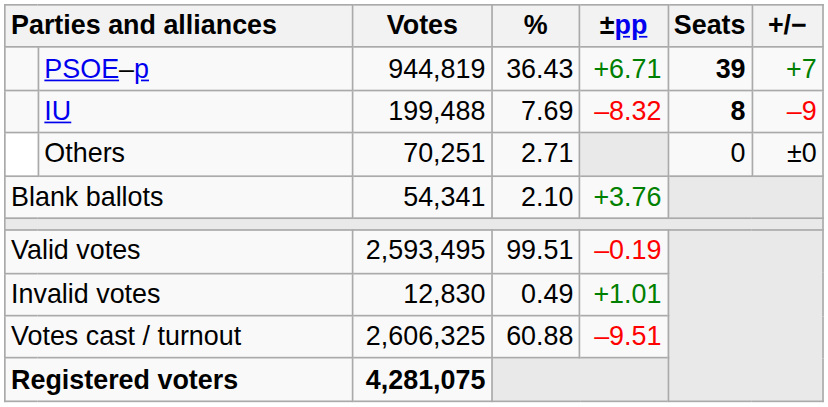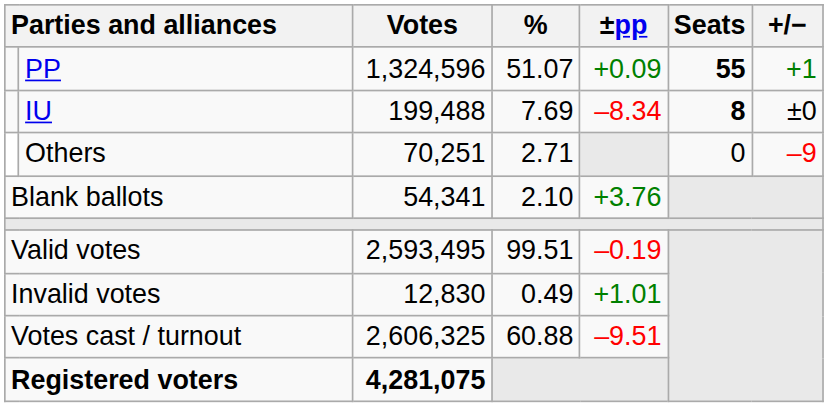 <table class="wikitable" style="text-align:right;">
 <tr>
 <th style="text-align:left;" colspan="2" width="200">Parties and alliances</th>
 <th width="75">Votes</th>
 <th width="45">%</th>
 <th width="45">±<a href='#'>pp</a></th>
 <th width="35">Seats</th>
 <th width="35">+/−</th>
 </tr>
 <tr>
-<td style="color:inherit;background:"></td>
-<td align="left"><a href='#'>PSOE</a>–<a href='#'>p</a></td>
-<td>944,819</td>
-<td>36.43</td>
-<td style="color:green;">+6.71</td>
-<td><strong>39</strong></td>
-<td style="color:green;">+7</td>
+<td width="1" style="color:inherit;background:"></td>
+<td align="left"><a href='#'>PP</a></td>
+<td>1,324,596</td>
+<td>51.07</td>
+<td style="color:green;">+0.09</td>
+<td><strong>55</strong></td>
+<td style="color:green;">+1</td>
 </tr>
 <tr>
 <td style="color:inherit;background:"></td>
 <td align="left"><a href='#'>IU</a></td>
 <td>199,488</td>
 <td>7.69</td>
-<td style="color:red;">–8.32</td>
+<td style="color:red;">–8.34</td>
 <td><strong>8</strong></td>
-<td style="color:red;">–9</td>
+<td>±0</td>
 </tr>
 <tr>
 <td bgcolor="white"></td>
 <td align="left">Others</td>
 <td>70,251</td>
 <td>2.71</td>
 <td bgcolor="#E9E9E9"></td>
 <td>0</td>
-<td>±0</td>
+<td style="color:red;">–9</td>
 </tr>
 <tr>
 <td align="left" colspan="2">Blank ballots</td>
 <td>54,341</td>
 <td>2.10</td>
 <td style="color:green;">+3.76</td>
 <td bgcolor="#E9E9E9" colspan="2"></td>
 </tr>
 <tr>
 <td colspan="7" bgcolor="#E9E9E9"></td>
 </tr>
 <tr>
 <td align="left" colspan="2">Valid votes</td>
 <td>2,593,495</td>
 <td>99.51</td>
 <td style="color:red;">–0.19</td>
 <td bgcolor="#E9E9E9" colspan="2" rowspan="4"></td>
 </tr>
 <tr>
 <td align="left" colspan="2">Invalid votes</td>
 <td>12,830</td>
 <td>0.49</td>
 <td style="color:green;">+1.01</td>
 </tr>
 <tr>
 <td align="left" colspan="2">Votes cast / turnout</td>
 <td>2,606,325</td>
 <td>60.88</td>
 <td style="color:red;">–9.51</td>
 </tr>
 <tr style="font-weight:bold;">
 <td align="left" colspan="2">Registered voters</td>
 <td>4,281,075</td>
 <td bgcolor="#E9E9E9" colspan="2"></td>
 </tr>
 </table>
